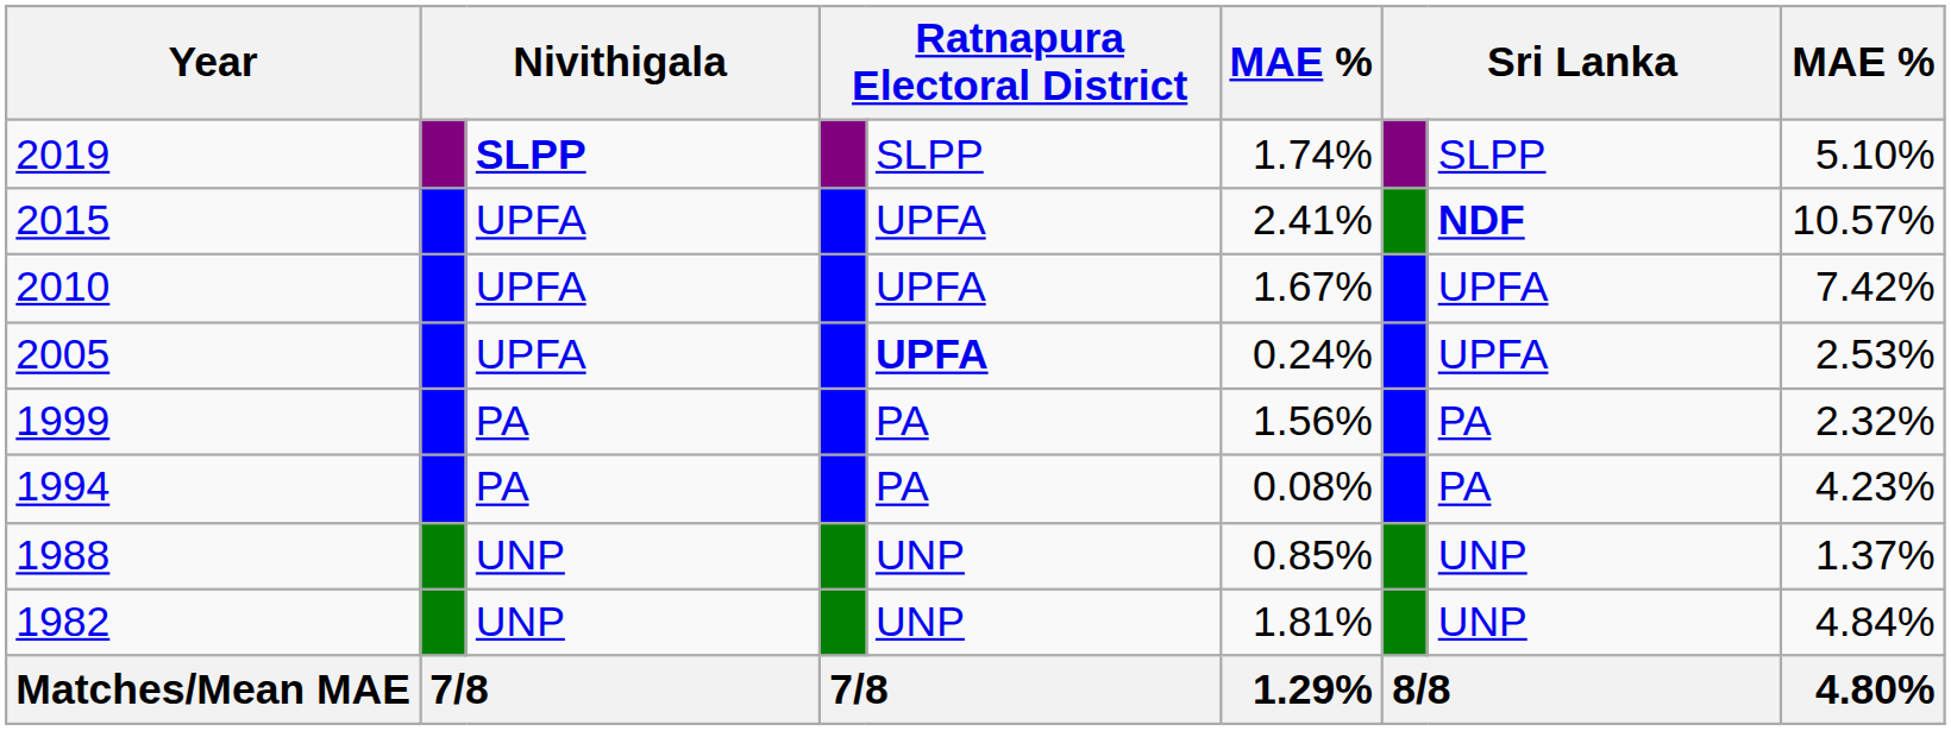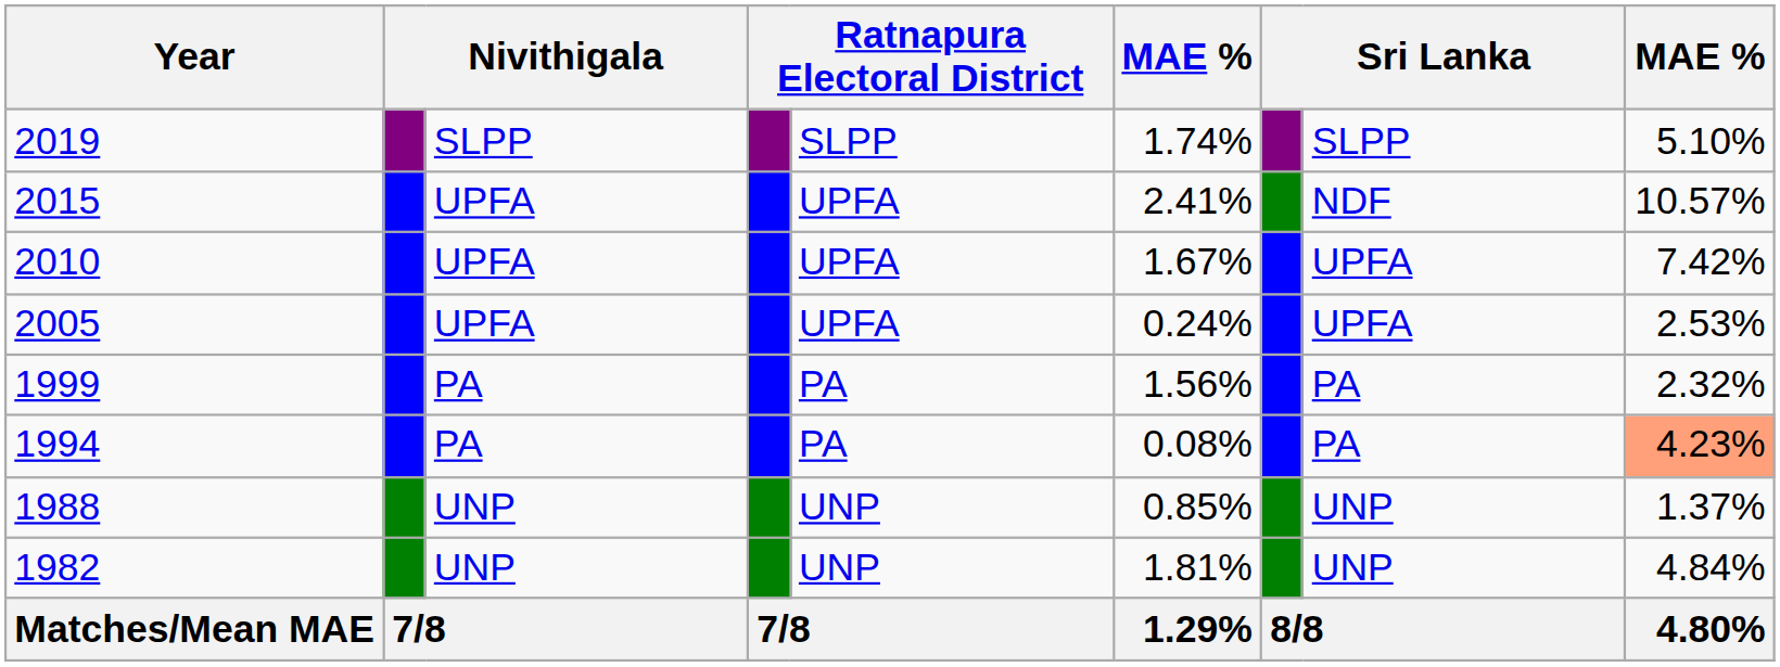 <table class="wikitable">
 <tr>
 <th>Year</th>
 <th colspan="2" width="144px">Nivithigala</th>
 <th colspan="2" width="144px"><a href='#'>Ratnapura Electoral District</a></th>
 <th><a href='#'>MAE</a> %</th>
 <th colspan="2" width="144px">Sri Lanka</th>
 <th>MAE %</th>
 </tr>
 <tr>
 <td><a href='#'>2019</a></td>
 <td style="background-color:purple;" width="10px"></td>
-<td style="text-align:left;"><strong><a href='#'>SLPP</a></strong></td>
+<td style="text-align:left;"><a href='#'>SLPP</a></td>
 <td style="background-color:purple;" width="10px"></td>
 <td style="text-align:left;"><a href='#'>SLPP</a></td>
 <td style="text-align:right;">1.74%</td>
 <td style="background-color:purple;" width="10px"></td>
 <td style="text-align:left;"><a href='#'>SLPP</a></td>
 <td style="text-align:right;">5.10%</td>
 </tr>
 <tr>
 <td><a href='#'>2015</a></td>
 <td style="background-color:blue;" width="10px"></td>
 <td style="text-align:left;"><a href='#'>UPFA</a></td>
 <td style="background-color:blue;" width="10px"></td>
 <td style="text-align:left;"><a href='#'>UPFA</a></td>
 <td style="text-align:right;">2.41%</td>
 <td style="background-color:green;" width="10px"></td>
-<td style="text-align:left;"><strong><a href='#'>NDF</a></strong></td>
+<td style="text-align:left;"><a href='#'>NDF</a></td>
 <td style="text-align:right;">10.57%</td>
 </tr>
 <tr>
 <td><a href='#'>2010</a></td>
 <td style="background-color:blue;" width="10px"></td>
 <td style="text-align:left;"><a href='#'>UPFA</a></td>
 <td style="background-color:blue;" width="10px"></td>
 <td style="text-align:left;"><a href='#'>UPFA</a></td>
 <td style="text-align:right;">1.67%</td>
 <td style="background-color:blue;" width="10px"></td>
 <td style="text-align:left;"><a href='#'>UPFA</a></td>
 <td style="text-align:right;">7.42%</td>
 </tr>
 <tr>
 <td><a href='#'>2005</a></td>
 <td style="background-color:blue;" width="10px"></td>
 <td style="text-align:left;"><a href='#'>UPFA</a></td>
 <td style="background-color:blue;" width="10px"></td>
-<td style="text-align:left;"><strong><a href='#'>UPFA</a></strong></td>
+<td style="text-align:left;"><a href='#'>UPFA</a></td>
 <td style="text-align:right;">0.24%</td>
 <td style="background-color:blue;" width="10px"></td>
 <td style="text-align:left;"><a href='#'>UPFA</a></td>
 <td style="text-align:right;">2.53%</td>
 </tr>
 <tr>
 <td><a href='#'>1999</a></td>
 <td style="background-color:blue;" width="10px"></td>
 <td style="text-align:left;"><a href='#'>PA</a></td>
 <td style="background-color:blue;" width="10px"></td>
 <td style="text-align:left;"><a href='#'>PA</a></td>
 <td style="text-align:right;">1.56%</td>
 <td style="background-color:blue;" width="10px"></td>
 <td style="text-align:left;"><a href='#'>PA</a></td>
 <td style="text-align:right;">2.32%</td>
 </tr>
 <tr>
 <td><a href='#'>1994</a></td>
 <td style="background-color:blue;" width="10px"></td>
 <td style="text-align:left;"><a href='#'>PA</a></td>
 <td style="background-color:blue;" width="10px"></td>
 <td style="text-align:left;"><a href='#'>PA</a></td>
 <td style="text-align:right;">0.08%</td>
 <td style="background-color:blue;" width="10px"></td>
 <td style="text-align:left;"><a href='#'>PA</a></td>
-<td style="text-align:right;">4.23%</td>
+<td style="background: lightsalmon; text-align:right;">4.23%</td>
 </tr>
 <tr>
 <td><a href='#'>1988</a></td>
 <td style="background-color:green;" width="10px"></td>
 <td style="text-align:left;"><a href='#'>UNP</a></td>
 <td style="background-color:green;" width="10px"></td>
 <td style="text-align:left;"><a href='#'>UNP</a></td>
 <td style="text-align:right;">0.85%</td>
 <td style="background-color:green;" width="10px"></td>
 <td style="text-align:left;"><a href='#'>UNP</a></td>
 <td style="text-align:right;">1.37%</td>
 </tr>
 <tr>
 <td><a href='#'>1982</a></td>
 <td style="background-color:green;" width="10px"></td>
 <td style="text-align:left;"><a href='#'>UNP</a></td>
 <td style="background-color:green;" width="10px"></td>
 <td style="text-align:left;"><a href='#'>UNP</a></td>
 <td style="text-align:right;">1.81%</td>
 <td style="background-color:green;" width="10px"></td>
 <td style="text-align:left;"><a href='#'>UNP</a></td>
 <td style="text-align:right;">4.84%</td>
 </tr>
 <tr>
 <th>Matches/Mean MAE</th>
 <th style="text-align:left;"colspan="2" width="144px">7/8</th>
 <th style="text-align:left;"colspan="2" width="144px">7/8</th>
 <th style="text-align:right;">1.29%</th>
 <th style="text-align:left;"colspan="2" width="144px">8/8</th>
 <th style="text-align:right;">4.80%</th>
 </tr>
 </table>
